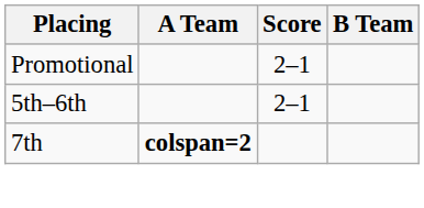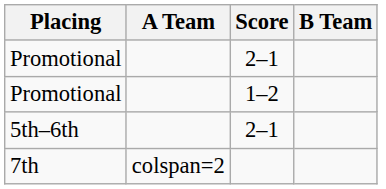 <table class=wikitable style="border:1px solid #AAAAAA;">
 <tr>
 <th>Placing</th>
 <th>A Team</th>
 <th>Score</th>
 <th>B Team</th>
 </tr>
 <tr>
 <td>Promotional</td>
 <td><strong></strong></td>
 <td align="center">2–1</td>
 <td></td>
 </tr>
 <tr>
+<td>Promotional</td>
+<td></td>
+<td align="center">1–2</td>
+<td><strong></strong></td>
+</tr>
+<tr>
 <td>5th–6th</td>
 <td><strong></strong></td>
 <td align="center">2–1</td>
 <td></td>
 </tr>
 <tr>
 <td>7th</td>
-<td><strong>colspan=2 </strong></td>
+<td>colspan=2 </td>
 <td></td>
 </tr>
 </table>
